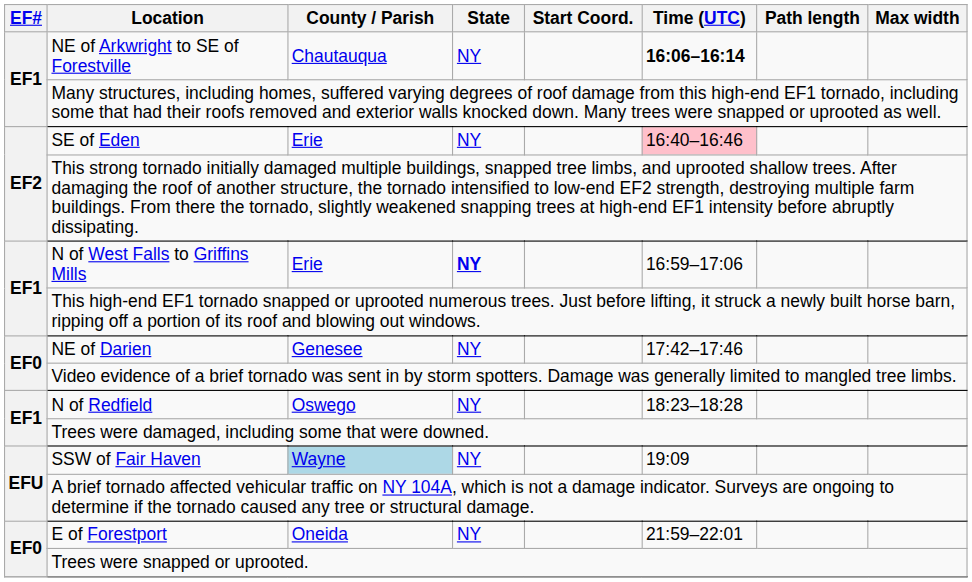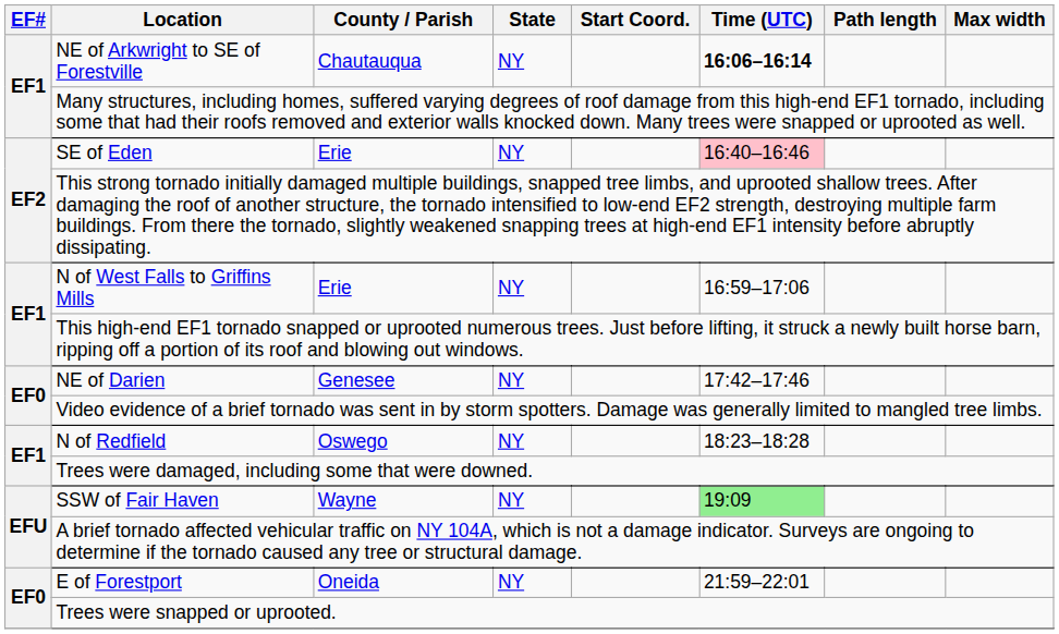 <table class="wikitable sortable" style="width:100%;">
 <tr>
 <th scope="col" width="2%" align="center"><a href='#'>EF#</a></th>
 <th scope="col" align="center" class="unsortable">Location</th>
 <th scope="col" align="center" class="unsortable">County / Parish</th>
 <th scope="col" align="center">State</th>
 <th scope="col" align="center">Start Coord.</th>
 <th scope="col" align="center">Time (<a href='#'>UTC</a>)</th>
 <th scope="col" align="center">Path length</th>
 <th scope="col" align="center">Max width</th>
 </tr>
 <tr>
 <th scope="row" rowspan="2" style="background-color:#">EF1</th>
 <td>NE of <a href='#'>Arkwright</a> to SE of <a href='#'>Forestville</a></td>
 <td><a href='#'>Chautauqua</a></td>
 <td><a href='#'>NY</a></td>
 <td></td>
 <td><strong>16:06–16:14</strong></td>
 <td></td>
 <td></td>
 </tr>
 <tr class="expand-child">
 <td colspan="8" style=" border-bottom: 1px solid black;">Many structures, including homes, suffered varying degrees of roof damage from this high-end EF1 tornado, including some that had their roofs removed and exterior walls knocked down. Many trees were snapped or uprooted as well.</td>
 </tr>
 <tr>
 <th scope="row" rowspan="2" style="background-color:#">EF2</th>
 <td>SE of <a href='#'>Eden</a></td>
 <td><a href='#'>Erie</a></td>
 <td><a href='#'>NY</a></td>
 <td></td>
 <td style="background: pink;">16:40–16:46</td>
 <td></td>
 <td></td>
 </tr>
 <tr class="expand-child">
 <td colspan="8" style=" border-bottom: 1px solid black;">This strong tornado initially damaged multiple buildings, snapped tree limbs, and uprooted shallow trees. After damaging the roof of another structure, the tornado intensified to low-end EF2 strength, destroying multiple farm buildings. From there the tornado, slightly weakened snapping trees at high-end EF1 intensity before abruptly dissipating.</td>
 </tr>
 <tr>
 <th scope="row" rowspan="2" style="background-color:#">EF1</th>
 <td>N of <a href='#'>West Falls</a> to <a href='#'>Griffins Mills</a></td>
 <td><a href='#'>Erie</a></td>
-<td><strong><a href='#'>NY</a></strong></td>
+<td><a href='#'>NY</a></td>
 <td></td>
 <td>16:59–17:06</td>
 <td></td>
 <td></td>
 </tr>
 <tr class="expand-child">
 <td colspan="8" style=" border-bottom: 1px solid black;">This high-end EF1 tornado snapped or uprooted numerous trees. Just before lifting, it struck a newly built horse barn, ripping off a portion of its roof and blowing out windows.</td>
 </tr>
 <tr>
 <th scope="row" rowspan="2" style="background-color:#">EF0</th>
 <td>NE of <a href='#'>Darien</a></td>
 <td><a href='#'>Genesee</a></td>
 <td><a href='#'>NY</a></td>
 <td></td>
 <td>17:42–17:46</td>
 <td></td>
 <td></td>
 </tr>
 <tr class="expand-child">
 <td colspan="8" style=" border-bottom: 1px solid black;">Video evidence of a brief tornado was sent in by storm spotters. Damage was generally limited to mangled tree limbs.</td>
 </tr>
 <tr>
 <th scope="row" rowspan="2" style="background-color:#">EF1</th>
 <td>N of <a href='#'>Redfield</a></td>
 <td><a href='#'>Oswego</a></td>
 <td><a href='#'>NY</a></td>
 <td></td>
 <td>18:23–18:28</td>
 <td></td>
 <td></td>
 </tr>
 <tr class="expand-child">
 <td colspan="8" style=" border-bottom: 1px solid black;">Trees were damaged, including some that were downed.</td>
 </tr>
 <tr>
 <th scope="row" rowspan="2" style="background-color:#">EFU</th>
 <td>SSW of <a href='#'>Fair Haven</a></td>
-<td style="background: lightblue;"><a href='#'>Wayne</a></td>
+<td><a href='#'>Wayne</a></td>
 <td><a href='#'>NY</a></td>
 <td></td>
-<td>19:09</td>
+<td style="background: lightgreen;">19:09</td>
 <td></td>
 <td></td>
 </tr>
 <tr class="expand-child">
 <td colspan="8" style=" border-bottom: 1px solid black;">A brief tornado affected vehicular traffic on <a href='#'>NY 104A</a>, which is not a damage indicator. Surveys are ongoing to determine if the tornado caused any tree or structural damage.</td>
 </tr>
 <tr>
 <th scope="row" rowspan="2" style="background-color:#">EF0</th>
 <td>E of <a href='#'>Forestport</a></td>
 <td><a href='#'>Oneida</a></td>
 <td><a href='#'>NY</a></td>
 <td></td>
 <td>21:59–22:01</td>
 <td></td>
 <td></td>
 </tr>
 <tr class="expand-child">
 <td colspan="8" style=" border-bottom: 1px solid black;">Trees were snapped or uprooted.</td>
 </tr>
 <tr>
 </tr>
 </table>
